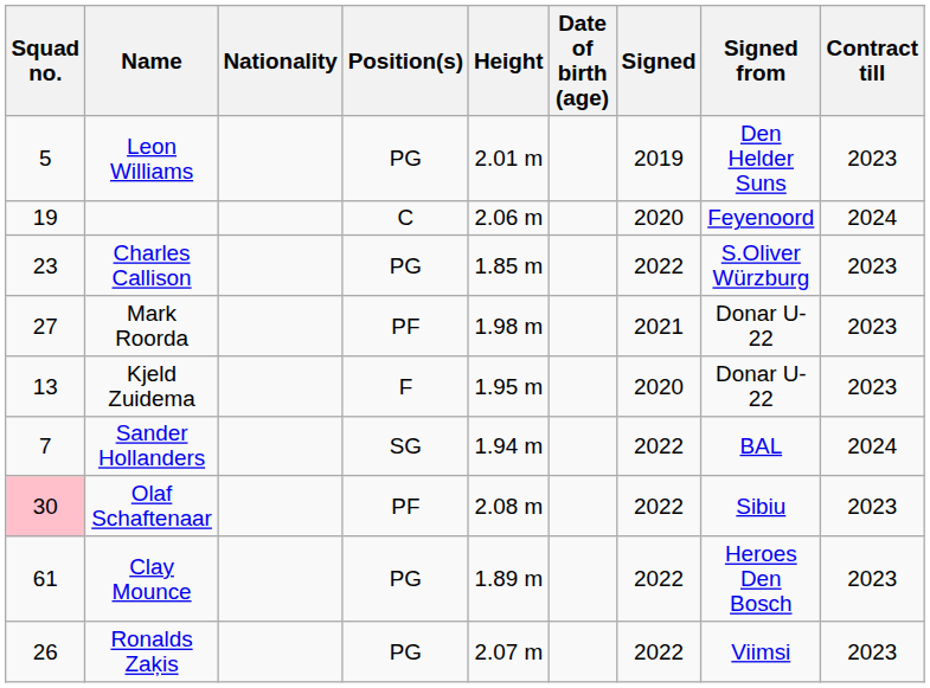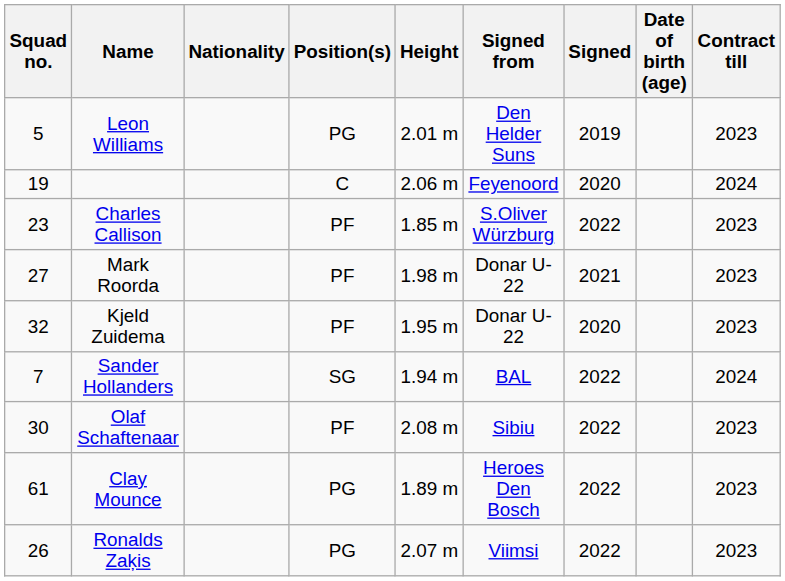 <table class="wikitable sortable" style="text-align:center;font-size:90%;width:95%">
 <tr>
 <th>Squad no.</th>
 <th>Name</th>
 <th>Nationality</th>
 <th>Position(s)</th>
 <th>Height</th>
+<th>Signed from</th>
+<th>Signed</th>
 <th>Date of birth (age)</th>
-<th>Signed</th>
-<th>Signed from</th>
 <th>Contract till</th>
 </tr>
 <tr>
 <td>5</td>
 <td><a href='#'>Leon Williams</a></td>
 <td></td>
 <td>PG</td>
 <td>2.01 m</td>
+<td> <a href='#'>Den Helder Suns</a></td>
+<td>2019</td>
 <td></td>
-<td>2019</td>
-<td> <a href='#'>Den Helder Suns</a></td>
 <td>2023</td>
 </tr>
 <tr>
 <td>19</td>
 <td></td>
 <td></td>
 <td>C</td>
 <td>2.06 m</td>
+<td> <a href='#'>Feyenoord</a></td>
+<td>2020</td>
 <td></td>
-<td>2020</td>
-<td> <a href='#'>Feyenoord</a></td>
 <td>2024</td>
 </tr>
 <tr>
 <td>23</td>
 <td><a href='#'>Charles Callison</a></td>
 <td></td>
-<td>PG</td>
+<td>PF</td>
 <td>1.85 m</td>
+<td> <a href='#'>S.Oliver Würzburg</a></td>
+<td>2022</td>
 <td></td>
-<td>2022</td>
-<td> <a href='#'>S.Oliver Würzburg</a></td>
 <td>2023</td>
 </tr>
 <tr>
 <td>27</td>
 <td>Mark Roorda</td>
 <td></td>
 <td>PF</td>
 <td>1.98 m</td>
+<td> Donar U-22</td>
+<td>2021</td>
 <td></td>
-<td>2021</td>
-<td> Donar U-22</td>
 <td>2023</td>
 </tr>
 <tr>
-<td>13</td>
+<td>32</td>
 <td>Kjeld Zuidema</td>
 <td></td>
-<td>F</td>
+<td>PF</td>
 <td>1.95 m</td>
+<td> Donar U-22</td>
+<td>2020</td>
 <td></td>
-<td>2020</td>
-<td> Donar U-22</td>
 <td>2023</td>
 </tr>
 <tr>
 <td>7</td>
 <td><a href='#'>Sander Hollanders</a></td>
 <td></td>
 <td>SG</td>
 <td>1.94 m</td>
+<td> <a href='#'>BAL</a></td>
+<td>2022</td>
 <td></td>
-<td>2022</td>
-<td> <a href='#'>BAL</a></td>
 <td>2024</td>
 </tr>
 <tr>
-<td style="background: pink;">30</td>
+<td>30</td>
 <td><a href='#'>Olaf Schaftenaar</a></td>
 <td></td>
 <td>PF</td>
 <td>2.08 m</td>
+<td> <a href='#'>Sibiu</a></td>
+<td>2022</td>
 <td></td>
-<td>2022</td>
-<td> <a href='#'>Sibiu</a></td>
 <td>2023</td>
 </tr>
 <tr>
 <td>61</td>
 <td><a href='#'>Clay Mounce</a></td>
 <td></td>
 <td>PG</td>
 <td>1.89 m</td>
+<td> <a href='#'>Heroes Den Bosch</a></td>
+<td>2022</td>
 <td></td>
-<td>2022</td>
-<td> <a href='#'>Heroes Den Bosch</a></td>
 <td>2023</td>
 </tr>
 <tr>
 <td>26</td>
 <td><a href='#'>Ronalds Zaķis</a></td>
 <td></td>
 <td>PG</td>
 <td>2.07 m</td>
+<td> <a href='#'>Viimsi</a></td>
+<td>2022</td>
 <td></td>
-<td>2022</td>
-<td> <a href='#'>Viimsi</a></td>
 <td>2023</td>
 </tr>
 </table>
